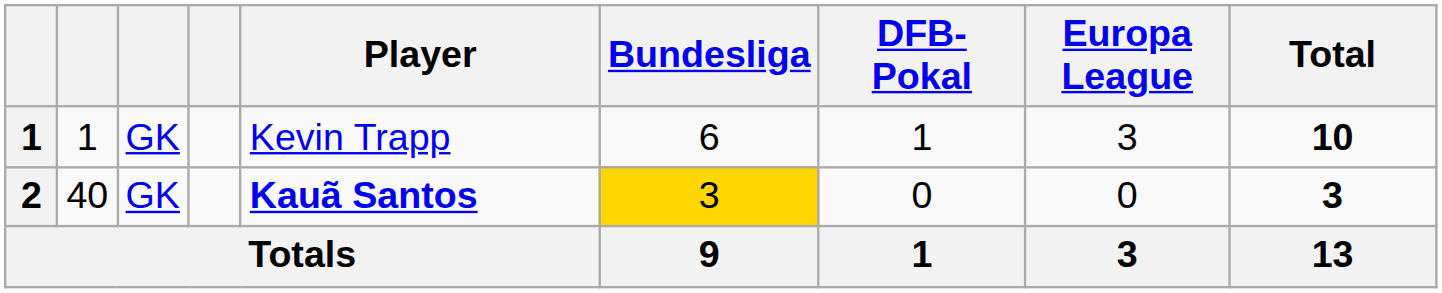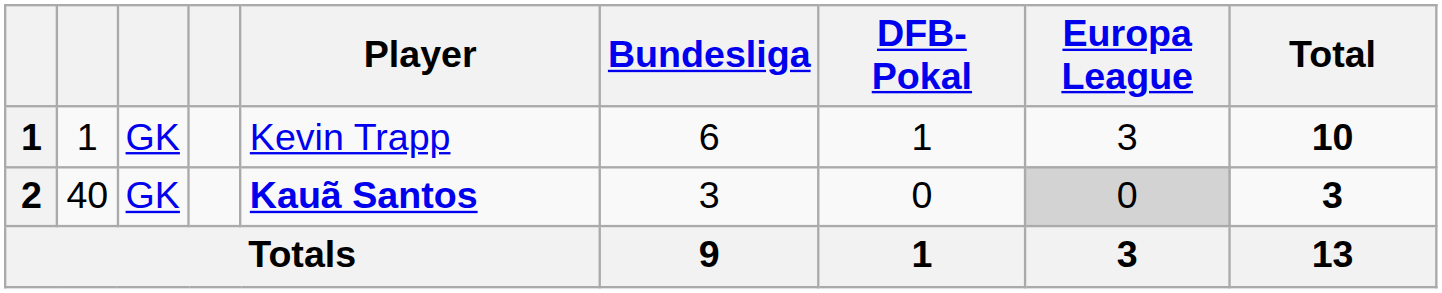 <table class="wikitable" style="text-align:center">
 <tr>
 <th width=15></th>
 <th width=15></th>
 <th width=15></th>
 <th width=15></th>
 <th width=145>Player</th>
 <th width=80><strong><a href='#'>Bundesliga</a></strong></th>
 <th width=80><strong><a href='#'>DFB-Pokal</a></strong></th>
 <th width=80><strong><a href='#'>Europa League</a></strong></th>
 <th width=80>Total</th>
 </tr>
 <tr>
 <th rowspan=1>1</th>
 <td>1</td>
 <td><a href='#'>GK</a></td>
 <td></td>
 <td align=left><a href='#'>Kevin Trapp</a></td>
 <td>6</td>
 <td>1</td>
 <td>3</td>
 <td><strong>10</strong></td>
 </tr>
 <tr>
 <th rowspan=1>2</th>
 <td>40</td>
 <td><a href='#'>GK</a></td>
 <td></td>
 <td align=left><strong><a href='#'>Kauã Santos</a></strong></td>
-<td style="background: gold;">3</td>
+<td>3</td>
 <td>0</td>
-<td>0</td>
+<td style="background: lightgrey;">0</td>
 <td><strong>3</strong></td>
 </tr>
 <tr>
 <th colspan=5>Totals</th>
 <th>9</th>
 <th>1</th>
 <th>3</th>
 <th>13</th>
 </tr>
 </table>
